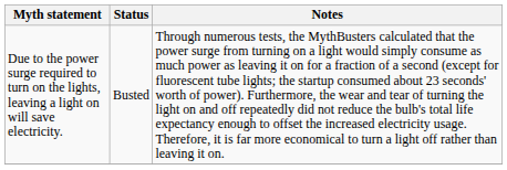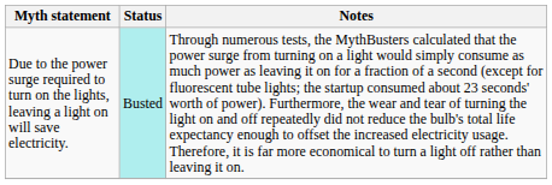 <table class="wikitable plainrowheaders">
 <tr>
 <th>Myth statement</th>
 <th>Status</th>
 <th>Notes</th>
 </tr>
 <tr>
 <td>Due to the power surge required to turn on the lights, leaving a light on will save electricity.</td>
-<td><span>Busted</span></td>
+<td style="background: paleturquoise;"><span>Busted</span></td>
 <td>Through numerous tests, the MythBusters calculated that the power surge from turning on a light would simply consume as much power as leaving it on for a fraction of a second (except for fluorescent tube lights; the startup consumed about 23 seconds' worth of power). Furthermore, the wear and tear of turning the light on and off repeatedly did not reduce the bulb's total life expectancy enough to offset the increased electricity usage. Therefore, it is far more economical to turn a light off rather than leaving it on.</td>
 </tr>
 <tr>
 </tr>
 </table>
